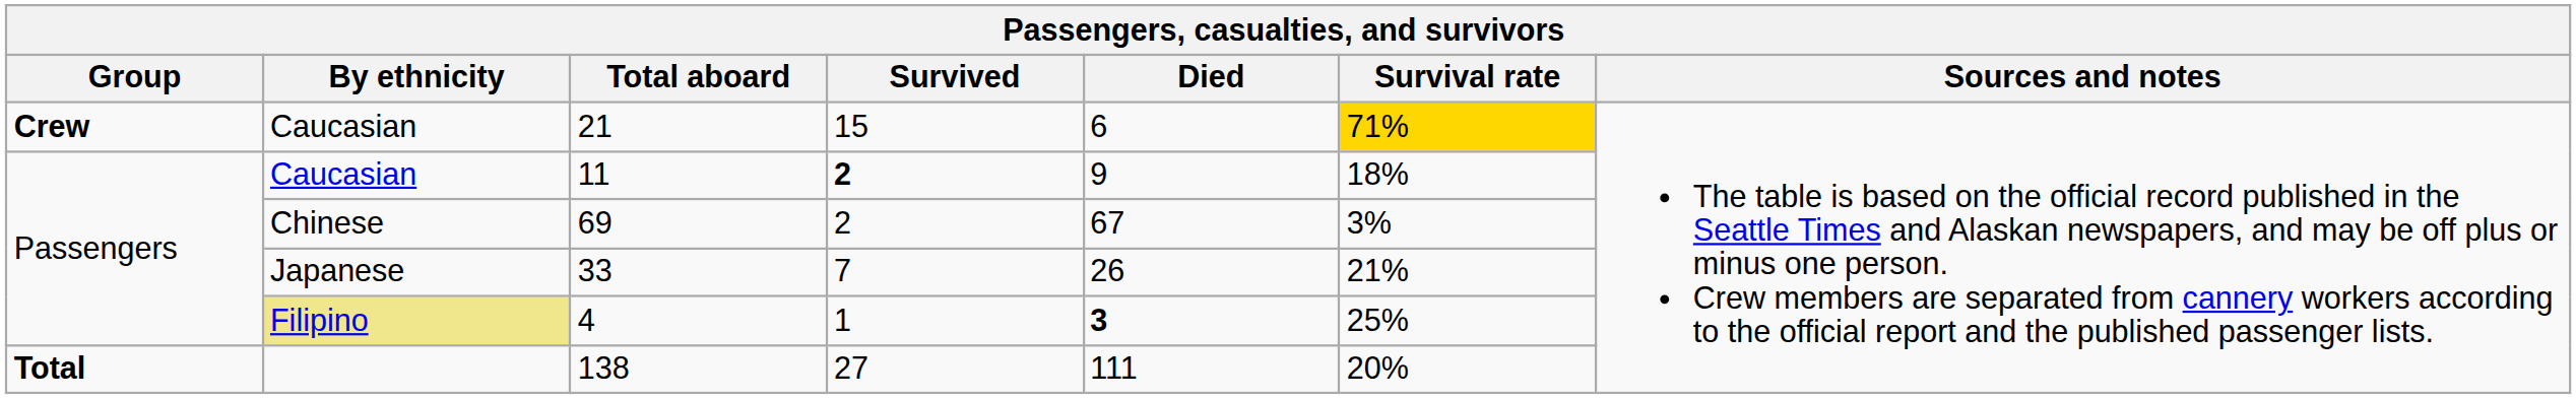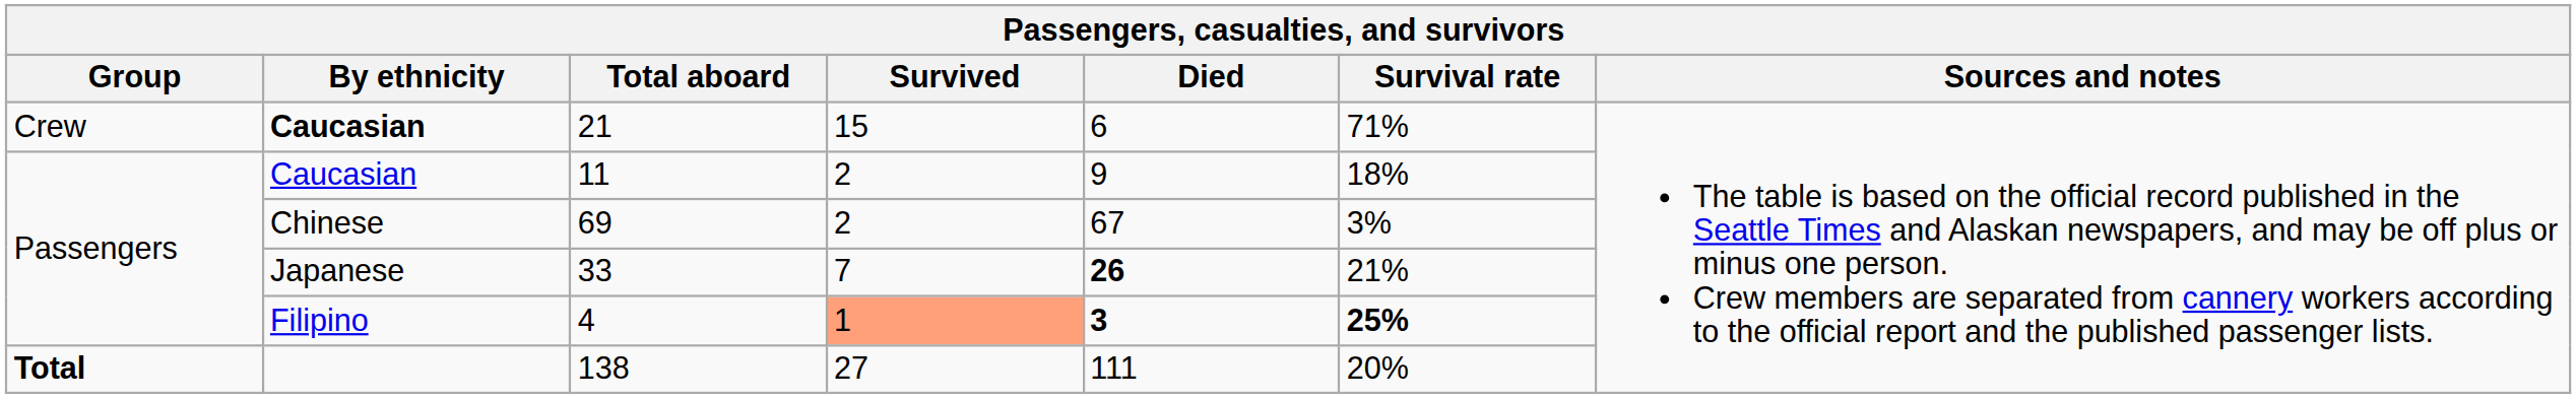 <table class="wikitable mw-collapsible mw-collapsed" style="width: 90%; font-size: 86%; margin-left: auto; margin-right: auto; border: none;">
 <tr>
 <th colspan ="7">Passengers, casualties, and survivors </th>
 </tr>
 <tr>
 <th style="width: 10%;">Group</th>
 <th style="width: 12%;">By ethnicity</th>
 <th style="width: 10%;">Total aboard</th>
 <th style="width: 10%;">Survived</th>
 <th style="width: 10%;">Died</th>
 <th style="width: 10%;">Survival rate</th>
 <th>Sources and notes</th>
 </tr>
 <tr>
-<td><strong>Crew</strong></td>
-<td>Caucasian</td>
+<td>Crew</td>
+<td><strong>Caucasian</strong></td>
 <td>21</td>
 <td>15</td>
 <td>6</td>
-<td style="background: gold;">71%</td>
+<td>71%</td>
 <td rowspan=6><br><ul><li>The table is based on the official record published in the <a href='#'>Seattle Times</a> and Alaskan newspapers, and may be off plus or minus one person.</li><li>Crew members are separated from <a href='#'>cannery</a> workers according to the official report and the published passenger lists.</li></ul></td>
 </tr>
 <tr>
 <td rowspan=4>Passengers</td>
 <td><a href='#'>Caucasian</a></td>
 <td>11</td>
-<td><strong>2</strong></td>
+<td>2</td>
 <td>9</td>
 <td>18%</td>
 </tr>
 <tr>
 <td>Chinese</td>
 <td>69</td>
 <td>2</td>
 <td>67</td>
 <td>3%</td>
 </tr>
 <tr>
 <td>Japanese</td>
 <td>33</td>
 <td>7</td>
-<td>26</td>
+<td><strong>26</strong></td>
 <td>21%</td>
 </tr>
 <tr>
-<td style="background: khaki;"><a href='#'>Filipino</a></td>
+<td><a href='#'>Filipino</a></td>
 <td>4</td>
-<td>1</td>
+<td style="background: lightsalmon;">1</td>
 <td><strong>3</strong></td>
-<td>25%</td>
+<td><strong>25%</strong></td>
 </tr>
 <tr>
 <td><strong>Total</strong></td>
 <td></td>
 <td>138</td>
 <td>27</td>
 <td>111</td>
 <td>20%</td>
 </tr>
 </table>
